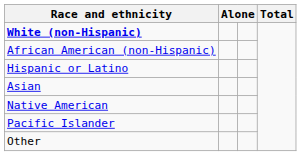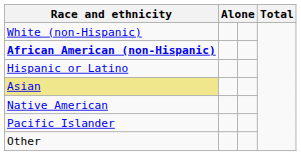 <table class="wikitable sortable" ; text-align:right; font-size:80%;">
 <tr>
 <th>Race and ethnicity</th>
 <th colspan="2" data-sort-type="number">Alone</th>
 <th colspan="2" data-sort-type="number">Total</th>
 </tr>
 <tr>
-<td><strong><a href='#'>White (non-Hispanic)</a></strong></td>
+<td><a href='#'>White (non-Hispanic)</a></td>
 <td align=right></td>
 <td align=right></td>
 </tr>
 <tr>
-<td><a href='#'>African American (non-Hispanic)</a></td>
+<td><strong><a href='#'>African American (non-Hispanic)</a></strong></td>
 <td align=right></td>
 <td align=right></td>
 </tr>
 <tr>
 <td><a href='#'>Hispanic or Latino</a></td>
 <td align=right></td>
 <td align=right></td>
 </tr>
 <tr>
-<td><a href='#'>Asian</a></td>
+<td style="background: khaki;"><a href='#'>Asian</a></td>
 <td align=right></td>
 <td align=right></td>
 </tr>
 <tr>
 <td><a href='#'>Native American</a></td>
 <td align=right></td>
 <td align=right></td>
 </tr>
 <tr>
 <td><a href='#'>Pacific Islander</a></td>
 <td align=right></td>
 <td align=right></td>
 </tr>
 <tr>
 <td>Other</td>
 <td align=right></td>
 <td align=right></td>
 </tr>
 </table>
